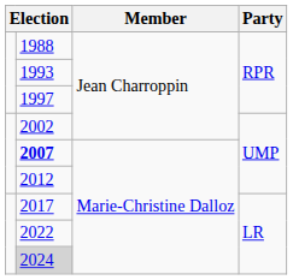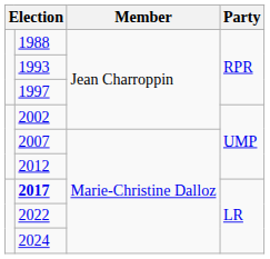 <table class="wikitable">
 <tr>
 <th colspan="2">Election</th>
 <th>Member</th>
 <th>Party</th>
 </tr>
 <tr>
 <td rowspan="3" style="color:inherit;background-color: "></td>
 <td><a href='#'>1988</a></td>
 <td rowspan="4">Jean Charroppin</td>
 <td rowspan="3"><a href='#'>RPR</a></td>
 </tr>
 <tr>
 <td><a href='#'>1993</a></td>
 </tr>
 <tr>
 <td><a href='#'>1997</a></td>
 </tr>
 <tr>
 <td rowspan="3" style="color:inherit;background-color: "></td>
 <td><a href='#'>2002</a></td>
 <td rowspan="3"><a href='#'>UMP</a></td>
 </tr>
 <tr>
-<td><strong><a href='#'>2007</a></strong></td>
+<td><a href='#'>2007</a></td>
 <td rowspan="5"><a href='#'>Marie-Christine Dalloz</a></td>
 </tr>
 <tr>
 <td><a href='#'>2012</a></td>
 </tr>
 <tr>
 <td rowspan="3" style="color:inherit;background-color: "></td>
-<td><a href='#'>2017</a></td>
+<td><strong><a href='#'>2017</a></strong></td>
 <td rowspan="3"><a href='#'>LR</a></td>
 </tr>
 <tr>
 <td><a href='#'>2022</a></td>
 </tr>
 <tr>
-<td style="background: lightgrey;"><a href='#'>2024</a></td>
+<td><a href='#'>2024</a></td>
 </tr>
 </table>
